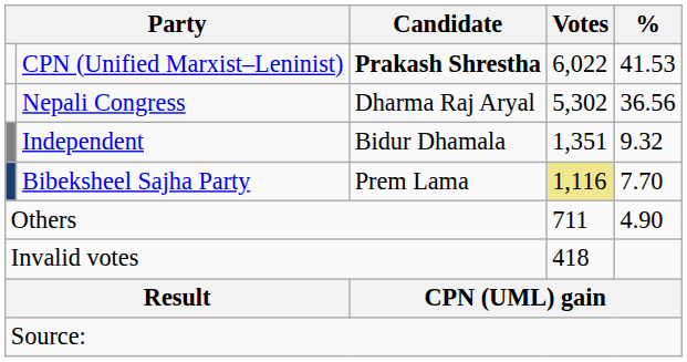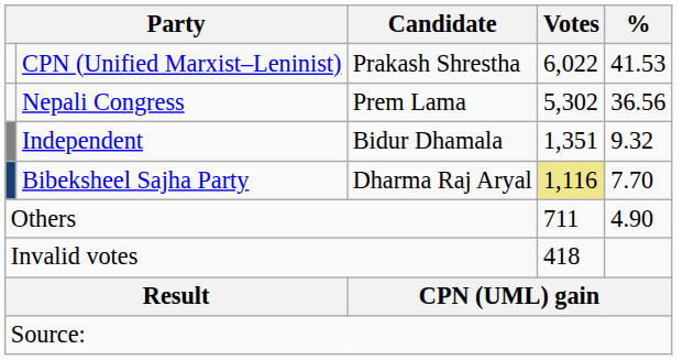 <table class="wikitable">
 <tr>
 <th colspan="2">Party</th>
 <th>Candidate</th>
 <th>Votes</th>
 <th>%</th>
 </tr>
 <tr>
 <td style="background-color:"></td>
 <td><a href='#'>CPN (Unified Marxist–Leninist)</a></td>
-<td><strong>Prakash Shrestha</strong></td>
+<td>Prakash Shrestha</td>
 <td>6,022</td>
 <td>41.53</td>
 </tr>
 <tr>
 <td style="background-color:"></td>
 <td><a href='#'>Nepali Congress</a></td>
-<td>Dharma Raj Aryal</td>
+<td>Prem Lama</td>
 <td>5,302</td>
 <td>36.56</td>
 </tr>
 <tr>
 <td style="background-color:grey"></td>
 <td><a href='#'>Independent</a></td>
 <td>Bidur Dhamala</td>
 <td>1,351</td>
 <td>9.32</td>
 </tr>
 <tr>
 <td style="background-color:#183F73"></td>
 <td><a href='#'>Bibeksheel Sajha Party</a></td>
-<td>Prem Lama</td>
+<td>Dharma Raj Aryal</td>
 <td style="background: khaki;">1,116</td>
 <td>7.70</td>
 </tr>
 <tr>
 <td colspan="3">Others</td>
 <td>711</td>
 <td>4.90</td>
 </tr>
 <tr>
 <td colspan="3">Invalid votes</td>
 <td>418</td>
 <td></td>
 </tr>
 <tr>
 <th colspan="2">Result</th>
 <th colspan="3">CPN (UML) gain</th>
 </tr>
 <tr>
 <td colspan="5">Source: </td>
 </tr>
 </table>
